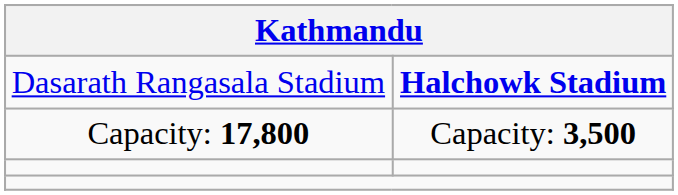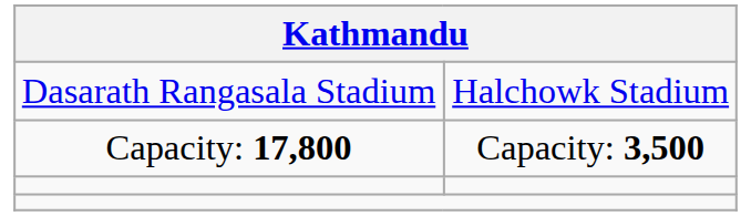 <table class="wikitable" style="margin:1em auto; text-align:center">
 <tr>
 <th colspan=2><a href='#'>Kathmandu</a></th>
 </tr>
 <tr>
 <td><a href='#'>Dasarath Rangasala Stadium</a></td>
-<td><strong><a href='#'>Halchowk Stadium</a></strong></td>
+<td><a href='#'>Halchowk Stadium</a></td>
 </tr>
 <tr>
 <td>Capacity: <strong>17,800</strong></td>
 <td>Capacity: <strong>3,500</strong></td>
 </tr>
 <tr>
 <td></td>
 <td></td>
 </tr>
 <tr>
 <td rowspan=2 colspan=2></td>
 </tr>
 </table>
